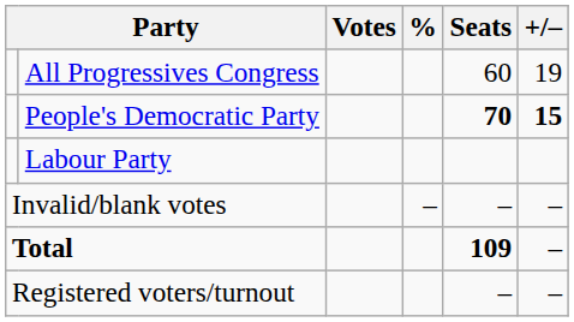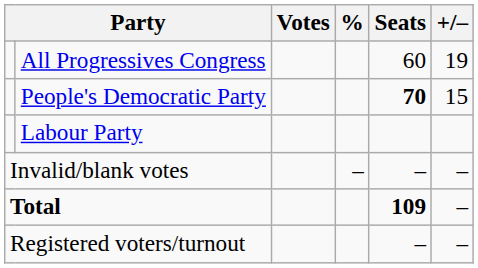 <table class=wikitable style=text-align:right>
 <tr>
 <th colspan=2>Party</th>
 <th>Votes</th>
 <th>%</th>
 <th>Seats</th>
 <th>+/–</th>
 </tr>
 <tr>
 <td style="background-color: "></td>
 <td align=left><a href='#'>All Progressives Congress</a></td>
 <td></td>
 <td></td>
 <td>60</td>
 <td>19 </td>
 </tr>
 <tr>
 <td style="background-color: "></td>
 <td align=left><a href='#'>People's Democratic Party</a></td>
 <td></td>
 <td></td>
 <td><strong>70</strong></td>
-<td><strong>15</strong></td>
+<td>15</td>
 </tr>
 <tr>
 <td></td>
 <td align=left><a href='#'>Labour Party</a></td>
 <td></td>
 <td></td>
 <td></td>
 <td></td>
 </tr>
 <tr>
 <td align=left colspan=2>Invalid/blank votes</td>
 <td></td>
 <td>–</td>
 <td>–</td>
 <td>–</td>
 </tr>
 <tr>
 <td align=left colspan=2><strong>Total</strong></td>
 <td></td>
 <td></td>
 <td><strong>109</strong></td>
 <td>–</td>
 </tr>
 <tr>
 <td align=left colspan=2>Registered voters/turnout</td>
 <td></td>
 <td></td>
 <td>–</td>
 <td>–</td>
 </tr>
 </table>
